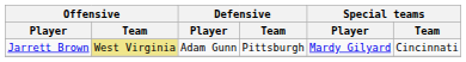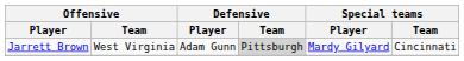 <table class="wikitable" border="1">
 <tr>
 <th colspan="2">Offensive</th>
 <th colspan="2">Defensive</th>
 <th colspan="2">Special teams</th>
 </tr>
 <tr>
 <th>Player</th>
 <th>Team</th>
 <th>Player</th>
 <th>Team</th>
 <th>Player</th>
 <th>Team</th>
 </tr>
 <tr>
 <td><a href='#'>Jarrett Brown</a></td>
-<td style="background: khaki;">West Virginia</td>
+<td>West Virginia</td>
 <td>Adam Gunn</td>
-<td>Pittsburgh</td>
+<td style="background: lightgrey;">Pittsburgh</td>
 <td><a href='#'>Mardy Gilyard</a></td>
 <td>Cincinnati</td>
 </tr>
 <tr>
 </tr>
 </table>
